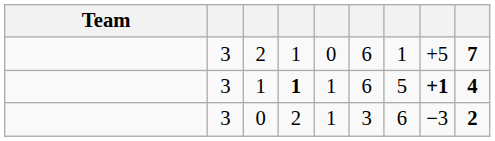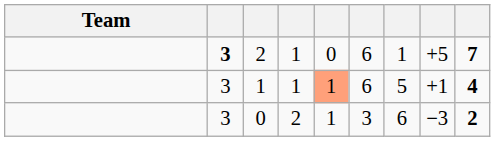 <table class="wikitable" style="text-align:center;">
 <tr>
 <th width=150>Team</th>
 <th width=20 abbr="Played"></th>
 <th width=20 abbr="Won"></th>
 <th width=20 abbr="Drawn"></th>
 <th width=20 abbr="Lost"></th>
 <th width=20 abbr="Goals for"></th>
 <th width=20 abbr="Goals against"></th>
 <th width=20 abbr="Goal difference"></th>
 <th width=20 abbr="Points"></th>
 </tr>
 <tr>
 <td align="left"></td>
-<td>3</td>
+<td><strong>3</strong></td>
 <td>2</td>
 <td>1</td>
 <td>0</td>
 <td>6</td>
 <td>1</td>
 <td>+5</td>
 <td><strong>7</strong></td>
 </tr>
 <tr>
 <td align="left"></td>
 <td>3</td>
 <td>1</td>
-<td><strong>1</strong></td>
 <td>1</td>
+<td style="background: lightsalmon;">1</td>
 <td>6</td>
 <td>5</td>
-<td><strong>+1</strong></td>
+<td>+1</td>
 <td><strong>4</strong></td>
 </tr>
 <tr>
 <td align="left"></td>
 <td>3</td>
 <td>0</td>
 <td>2</td>
 <td>1</td>
 <td>3</td>
 <td>6</td>
 <td>−3</td>
 <td><strong>2</strong></td>
 </tr>
 </table>
